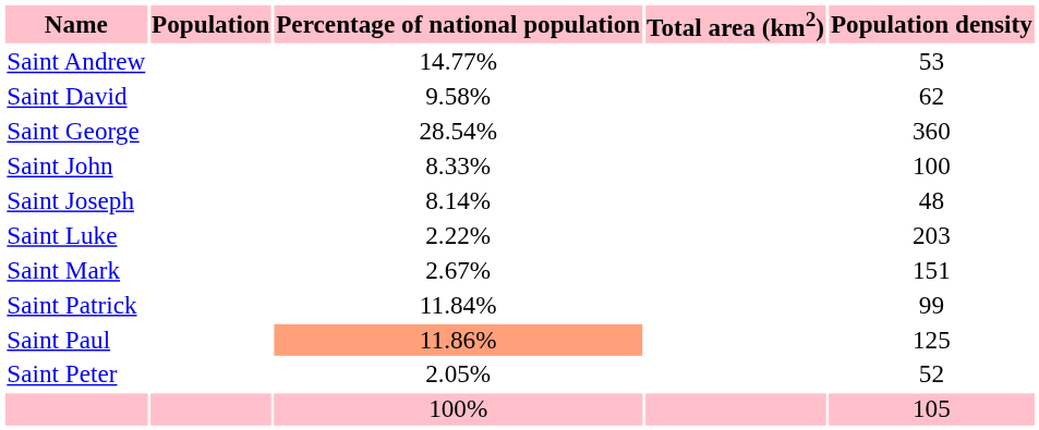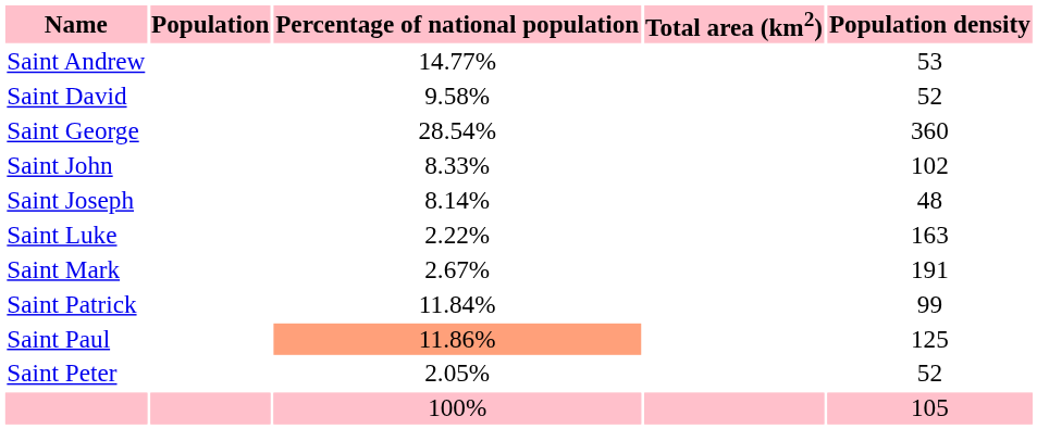 <table class="wiki">
 <tr bgcolor="pink">
 <th>Name</th>
 <th>Population</th>
 <th>Percentage of national population</th>
 <th>Total area (km<sup>2</sup>)</th>
 <th>Population density</th>
 </tr>
 <tr align="center">
 <td align="left"><a href='#'>Saint Andrew</a></td>
 <td align="right"></td>
 <td>14.77%</td>
 <td align="right"></td>
 <td>53</td>
 </tr>
 <tr align="center">
 <td align="left"><a href='#'>Saint David</a></td>
 <td align="right"></td>
 <td>9.58%</td>
 <td align="right"></td>
-<td>62</td>
+<td>52</td>
 </tr>
 <tr align="center">
 <td align="left"><a href='#'>Saint George</a></td>
 <td align="right"></td>
 <td>28.54%</td>
 <td align="right"></td>
 <td>360</td>
 </tr>
 <tr align="center">
 <td align="left"><a href='#'>Saint John</a></td>
 <td align="right"></td>
 <td>8.33%</td>
 <td align="right"></td>
-<td>100</td>
+<td>102</td>
 </tr>
 <tr align="center">
 <td align="left"><a href='#'>Saint Joseph</a></td>
 <td align="right"></td>
 <td>8.14%</td>
 <td align="right"></td>
 <td>48</td>
 </tr>
 <tr align="center">
 <td align="left"><a href='#'>Saint Luke</a></td>
 <td align="right"></td>
 <td>2.22%</td>
 <td align="right"></td>
-<td>203</td>
+<td>163</td>
 </tr>
 <tr align="center">
 <td align="left"><a href='#'>Saint Mark</a></td>
 <td align="right"></td>
 <td>2.67%</td>
 <td align="right"></td>
-<td>151</td>
+<td>191</td>
 </tr>
 <tr align="center">
 <td align="left"><a href='#'>Saint Patrick</a></td>
 <td align="right"></td>
 <td>11.84%</td>
 <td align="right"></td>
 <td>99</td>
 </tr>
 <tr align="center">
 <td align="left" nowrap><a href='#'>Saint Paul</a></td>
 <td align="right"></td>
 <td style="background: lightsalmon;">11.86%</td>
 <td align="right"></td>
 <td>125</td>
 </tr>
 <tr align="center">
 <td align="left"><a href='#'>Saint Peter</a></td>
 <td align="right"></td>
 <td>2.05%</td>
 <td align="right"></td>
 <td>52</td>
 </tr>
 <tr bgcolor="pink" align="center" class="sortbottom">
 <td bgcolor="pink" align="left"></td>
 <td bgcolor="pink" align="right"></td>
 <td bgcolor="pink">100%</td>
 <td bgcolor="pink" align="right"></td>
 <td bgcolor="pink">105</td>
 </tr>
 </table>
